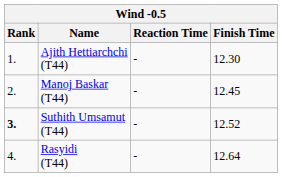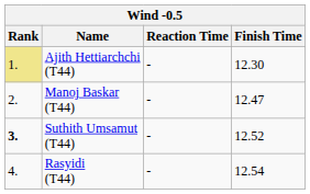 <table class="wikitable">
 <tr>
 <th colspan="4">Wind -0.5</th>
 </tr>
 <tr>
 <th>Rank</th>
 <th>Name</th>
 <th>Reaction Time</th>
 <th>Finish Time</th>
 </tr>
 <tr>
-<td>1.</td>
+<td style="background: khaki;">1.</td>
 <td><a href='#'>Ajith Hettiarchchi</a><br>(T44) <br> </td>
 <td>-</td>
 <td>12.30</td>
 </tr>
 <tr>
 <td>2.</td>
 <td><a href='#'>Manoj Baskar</a><br>(T44) <br> </td>
 <td>-</td>
-<td>12.45</td>
+<td>12.47</td>
 </tr>
 <tr>
 <td><strong>3.</strong></td>
 <td><a href='#'>Suthith Umsamut</a><br>(T44) <br> </td>
 <td>-</td>
 <td>12.52</td>
 </tr>
 <tr>
 <td>4.</td>
 <td><a href='#'>Rasyidi</a><br>(T44) <br> </td>
 <td>-</td>
-<td>12.64</td>
+<td>12.54</td>
 </tr>
 </table>
